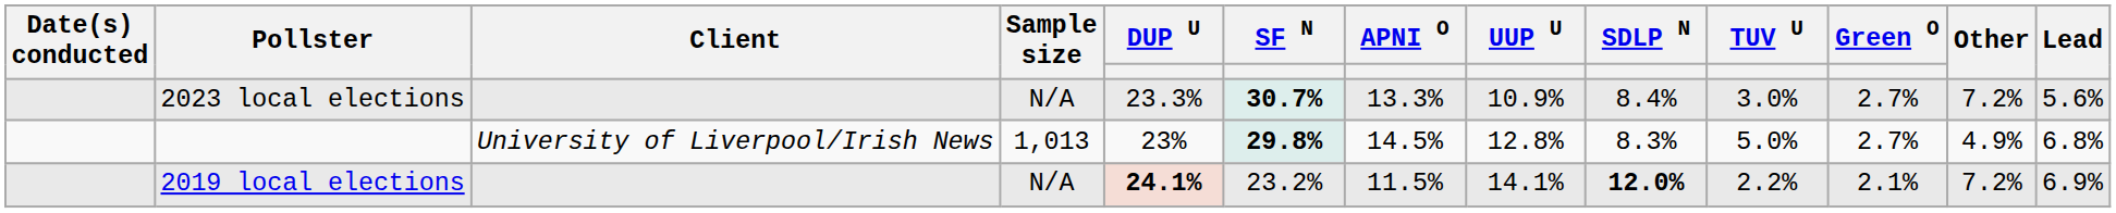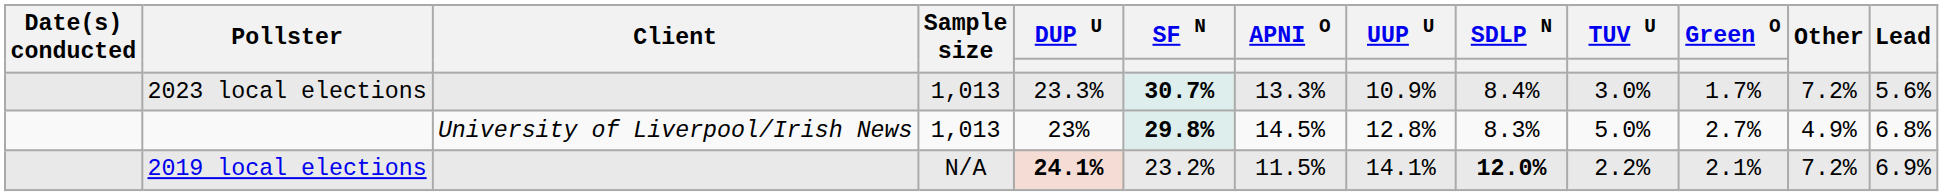 <table class="wikitable sortable tpl-blanktable" style="text-align:center;font-size:90%;line-height:14px;">
 <tr>
 <th rowspan="2">Date(s)<br>conducted</th>
 <th rowspan="2">Pollster</th>
 <th rowspan="2">Client</th>
 <th data-sort-type="number" rowspan="2">Sample<br>size</th>
 <th class="unsortable" style="width:50px;"><a href='#'>DUP</a> <sup>U</sup></th>
 <th class="unsortable" style="width:50px;"><a href='#'>SF</a> <sup>N</sup></th>
 <th class="unsortable" style="width:50px;"><a href='#'>APNI</a> <sup>O</sup></th>
 <th class="unsortable" style="width:50px;"><a href='#'>UUP</a> <sup>U</sup></th>
 <th class="unsortable" style="width:50px;"><a href='#'>SDLP</a> <sup>N</sup></th>
 <th class="unsortable" style="width:50px;"><a href='#'>TUV</a> <sup>U</sup></th>
 <th class="unsortable" style="width:50px;"><a href='#'>Green</a> <sup>O</sup></th>
 <th rowspan="2">Other</th>
 <th rowspan="2" class="unsortable">Lead</th>
 </tr>
 <tr>
 <th data-sort-type="number" style="background:"></th>
 <th data-sort-type="number" style="background:"></th>
 <th data-sort-type="number" style="background:"></th>
 <th data-sort-type="number" style="background:"></th>
 <th data-sort-type="number" style="background:"></th>
 <th data-sort-type="number" style="background:"></th>
 <th data-sort-type="number" style="background:"></th>
 </tr>
 <tr style="background:#E9E9E9;">
 <td></td>
 <td>2023 local elections</td>
 <td></td>
-<td>N/A</td>
+<td>1,013</td>
 <td>23.3%</td>
 <td style="background:#DDEEEC;"><strong>30.7%</strong></td>
 <td>13.3%</td>
 <td>10.9%</td>
 <td>8.4%</td>
 <td>3.0%</td>
-<td>2.7%</td>
+<td>1.7%</td>
 <td>7.2%</td>
 <td style="background:">5.6%</td>
 </tr>
 <tr>
 <td></td>
 <td></td>
 <td><em>University of Liverpool/Irish News</em></td>
 <td>1,013</td>
 <td>23%</td>
 <td style="background:#DDEEEC;"><strong>29.8%</strong></td>
 <td>14.5%</td>
 <td>12.8%</td>
 <td>8.3%</td>
 <td>5.0%</td>
 <td>2.7%</td>
 <td>4.9%</td>
 <td style="background:">6.8%</td>
 </tr>
 <tr style="background:#E9E9E9;">
 <td></td>
 <td><a href='#'>2019 local elections</a></td>
 <td></td>
 <td>N/A</td>
 <td style="background:#F5DDD6;"><strong>24.1%</strong></td>
 <td>23.2%</td>
 <td>11.5%</td>
 <td>14.1%</td>
 <td><strong>12.0%</strong></td>
 <td>2.2%</td>
 <td>2.1%</td>
 <td>7.2%</td>
 <td style="background:">6.9%</td>
 </tr>
 </table>
